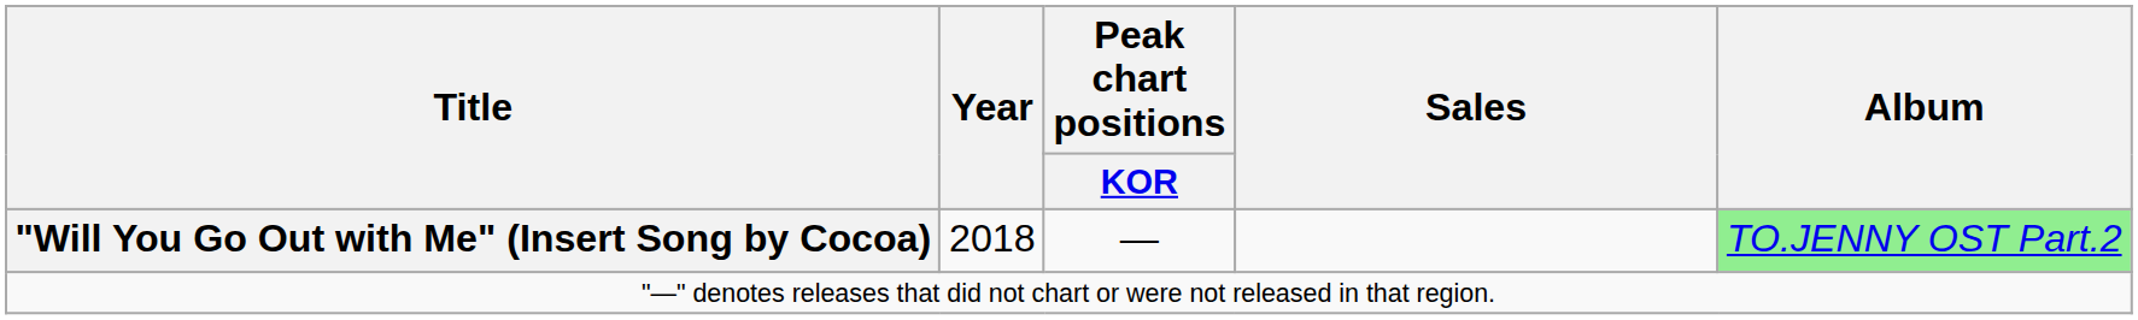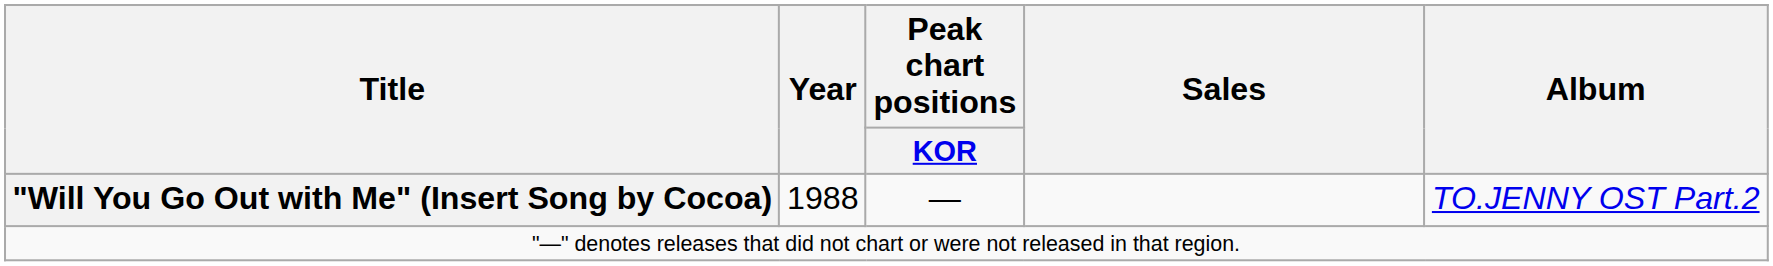 <table class="wikitable plainrowheaders" style="text-align:center;">
 <tr>
 <th scope="col" rowspan="2">Title</th>
 <th scope="col" rowspan="2">Year</th>
 <th scope="col">Peak chart positions</th>
 <th scope="col" rowspan="2" style="width:12em;">Sales<br></th>
 <th scope="col" rowspan="2">Album</th>
 </tr>
 <tr>
 <th scope="col" style="width:3.5em;font-size:90%;"><a href='#'>KOR</a><br></th>
 </tr>
 <tr>
 <th scope="row">"Will You Go Out with Me" (Insert Song by Cocoa) <br></th>
-<td rowspan="1">2018</td>
+<td rowspan="1">1988</td>
 <td>—</td>
 <td></td>
-<td style="background: lightgreen;"><em><a href='#'>TO.JENNY OST Part.2</a></em></td>
+<td><em><a href='#'>TO.JENNY OST Part.2</a></em></td>
 </tr>
 <tr>
 <td colspan="7" style="font-size:8pt;">"—" denotes releases that did not chart or were not released in that region.</td>
 </tr>
 </table>
